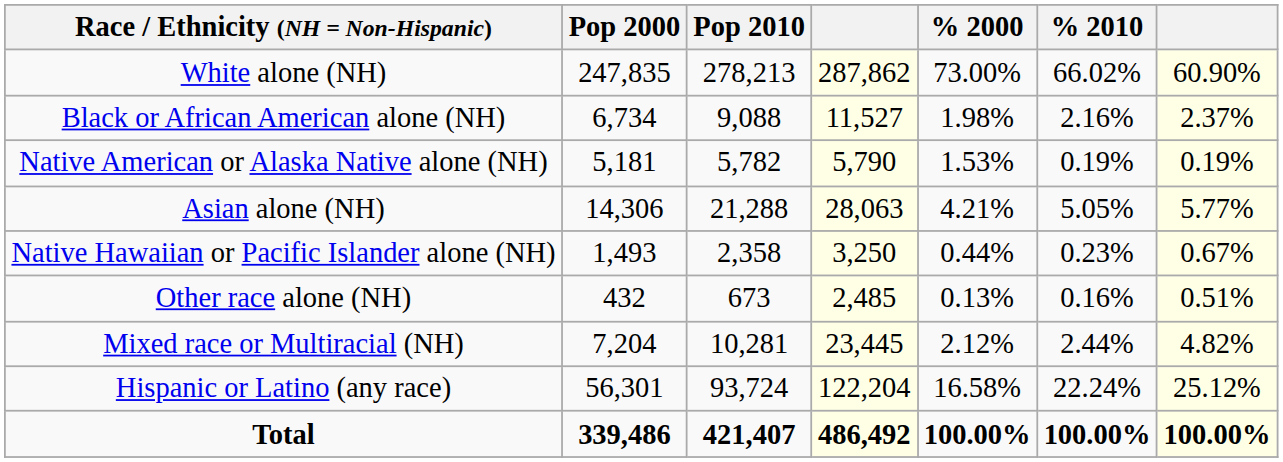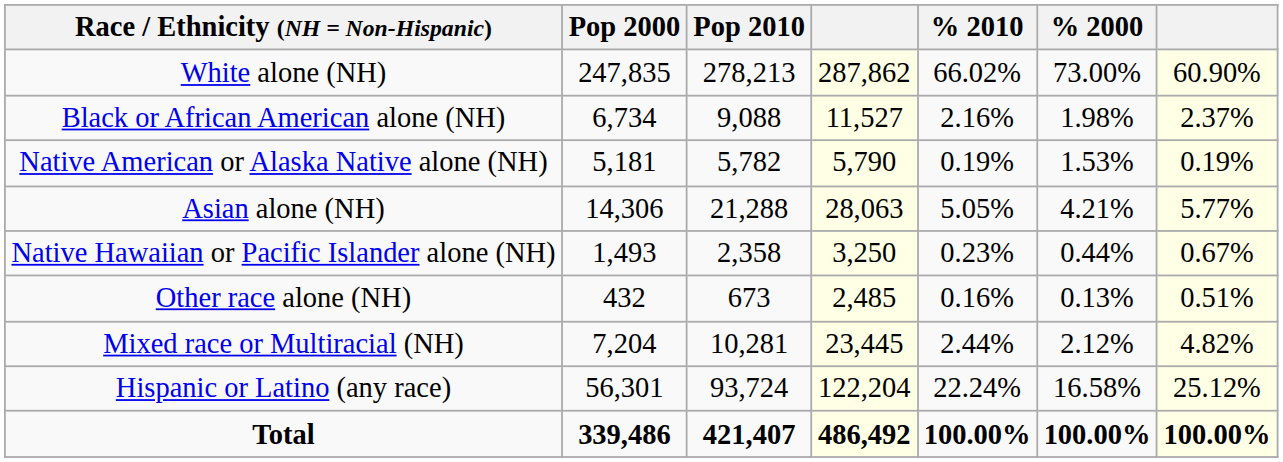 <table class="wikitable" style="text-align:center;">
 <tr>
 <th>Race / Ethnicity <small>(<em>NH = Non-Hispanic</em>)</small></th>
 <th>Pop 2000</th>
 <th>Pop 2010</th>
 <th></th>
+<th>% 2010</th>
 <th>% 2000</th>
-<th>% 2010</th>
 <th></th>
 </tr>
 <tr>
 <td><a href='#'>White</a> alone (NH)</td>
 <td>247,835</td>
 <td>278,213</td>
 <td style='background: #ffffe6;'>287,862</td>
+<td>66.02%</td>
 <td>73.00%</td>
-<td>66.02%</td>
 <td style='background: #ffffe6;'>60.90%</td>
 </tr>
 <tr>
 <td><a href='#'>Black or African American</a> alone (NH)</td>
 <td>6,734</td>
 <td>9,088</td>
 <td style='background: #ffffe6;'>11,527</td>
+<td>2.16%</td>
 <td>1.98%</td>
-<td>2.16%</td>
 <td style='background: #ffffe6;'>2.37%</td>
 </tr>
 <tr>
 <td><a href='#'>Native American</a> or <a href='#'>Alaska Native</a> alone (NH)</td>
 <td>5,181</td>
 <td>5,782</td>
 <td style='background: #ffffe6;'>5,790</td>
+<td>0.19%</td>
 <td>1.53%</td>
-<td>0.19%</td>
 <td style='background: #ffffe6;'>0.19%</td>
 </tr>
 <tr>
 <td><a href='#'>Asian</a> alone (NH)</td>
 <td>14,306</td>
 <td>21,288</td>
 <td style='background: #ffffe6;'>28,063</td>
+<td>5.05%</td>
 <td>4.21%</td>
-<td>5.05%</td>
 <td style='background: #ffffe6;'>5.77%</td>
 </tr>
 <tr>
 <td><a href='#'>Native Hawaiian</a> or <a href='#'>Pacific Islander</a> alone (NH)</td>
 <td>1,493</td>
 <td>2,358</td>
 <td style='background: #ffffe6;'>3,250</td>
+<td>0.23%</td>
 <td>0.44%</td>
-<td>0.23%</td>
 <td style='background: #ffffe6;'>0.67%</td>
 </tr>
 <tr>
 <td><a href='#'>Other race</a> alone (NH)</td>
 <td>432</td>
 <td>673</td>
 <td style='background: #ffffe6;'>2,485</td>
+<td>0.16%</td>
 <td>0.13%</td>
-<td>0.16%</td>
 <td style='background: #ffffe6;'>0.51%</td>
 </tr>
 <tr>
 <td><a href='#'>Mixed race or Multiracial</a> (NH)</td>
 <td>7,204</td>
 <td>10,281</td>
 <td style='background: #ffffe6;'>23,445</td>
+<td>2.44%</td>
 <td>2.12%</td>
-<td>2.44%</td>
 <td style='background: #ffffe6;'>4.82%</td>
 </tr>
 <tr>
 <td><a href='#'>Hispanic or Latino</a> (any race)</td>
 <td>56,301</td>
 <td>93,724</td>
 <td style='background: #ffffe6;'>122,204</td>
+<td>22.24%</td>
 <td>16.58%</td>
-<td>22.24%</td>
 <td style='background: #ffffe6;'>25.12%</td>
 </tr>
 <tr>
 <td><strong>Total</strong></td>
 <td><strong>339,486</strong></td>
 <td><strong>421,407</strong></td>
 <td style='background: #ffffe6;'><strong>486,492</strong></td>
 <td><strong>100.00%</strong></td>
 <td><strong>100.00%</strong></td>
 <td style='background: #ffffe6;'><strong>100.00%</strong></td>
 </tr>
 </table>
